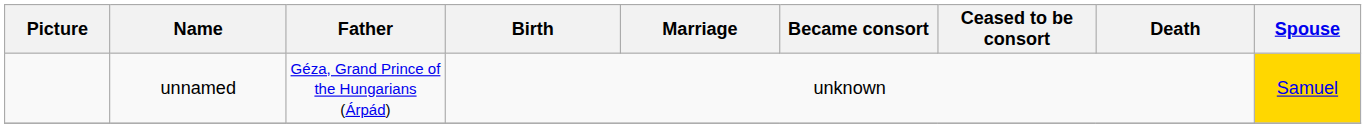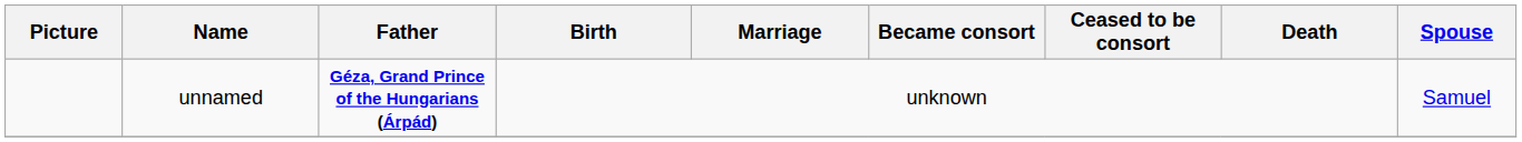 <table width=95% class="wikitable">
 <tr>
 <th width = "6%">Picture</th>
 <th width = "10%">Name</th>
 <th width = "9%">Father</th>
 <th width = "10%">Birth</th>
 <th width = "9%">Marriage</th>
 <th width = "9%">Became consort</th>
 <th width = "9%">Ceased to be consort</th>
 <th width = "9%">Death</th>
 <th width = "6%"><a href='#'>Spouse</a></th>
 </tr>
 <tr>
 <td style="text-align:center"></td>
 <td style="text-align:center">unnamed</td>
-<td style="text-align:center"><small><a href='#'>Géza, Grand Prince of the Hungarians</a><br>(<a href='#'>Árpád</a>)</small></td>
+<td style="text-align:center"><strong><small><a href='#'>Géza, Grand Prince of the Hungarians</a><br>(<a href='#'>Árpád</a>)</small></strong></td>
 <td style="text-align:center" colspan="5">unknown</td>
-<td style="background: gold; text-align:center"><a href='#'>Samuel</a></td>
+<td style="text-align:center"><a href='#'>Samuel</a></td>
 </tr>
 <tr>
 </tr>
 </table>
